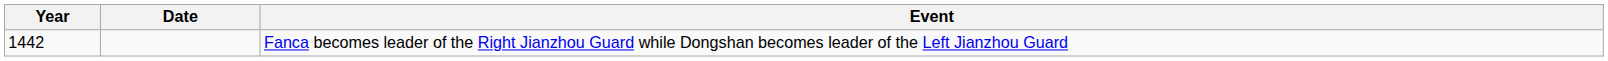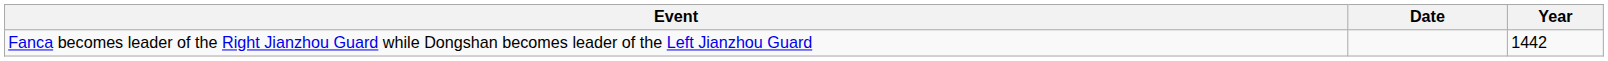 <table class="wikitable" width="100%">
 <tr>
+<th>Event</th>
+<th style="width:10%">Date</th>
 <th style="width:6%">Year</th>
-<th style="width:10%">Date</th>
-<th>Event</th>
 </tr>
 <tr>
+<td><a href='#'>Fanca</a> becomes leader of the <a href='#'>Right Jianzhou Guard</a> while Dongshan becomes leader of the <a href='#'>Left Jianzhou Guard</a></td>
+<td></td>
 <td>1442</td>
-<td></td>
-<td><a href='#'>Fanca</a> becomes leader of the <a href='#'>Right Jianzhou Guard</a> while Dongshan becomes leader of the <a href='#'>Left Jianzhou Guard</a></td>
 </tr>
 </table>
